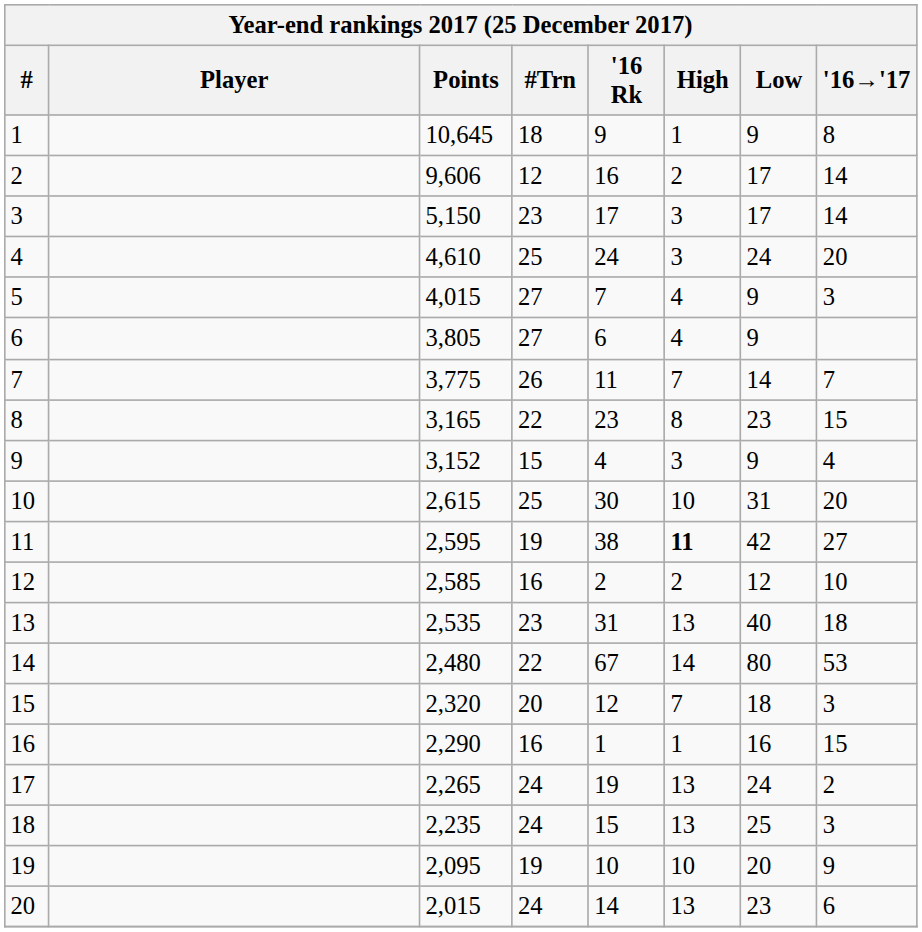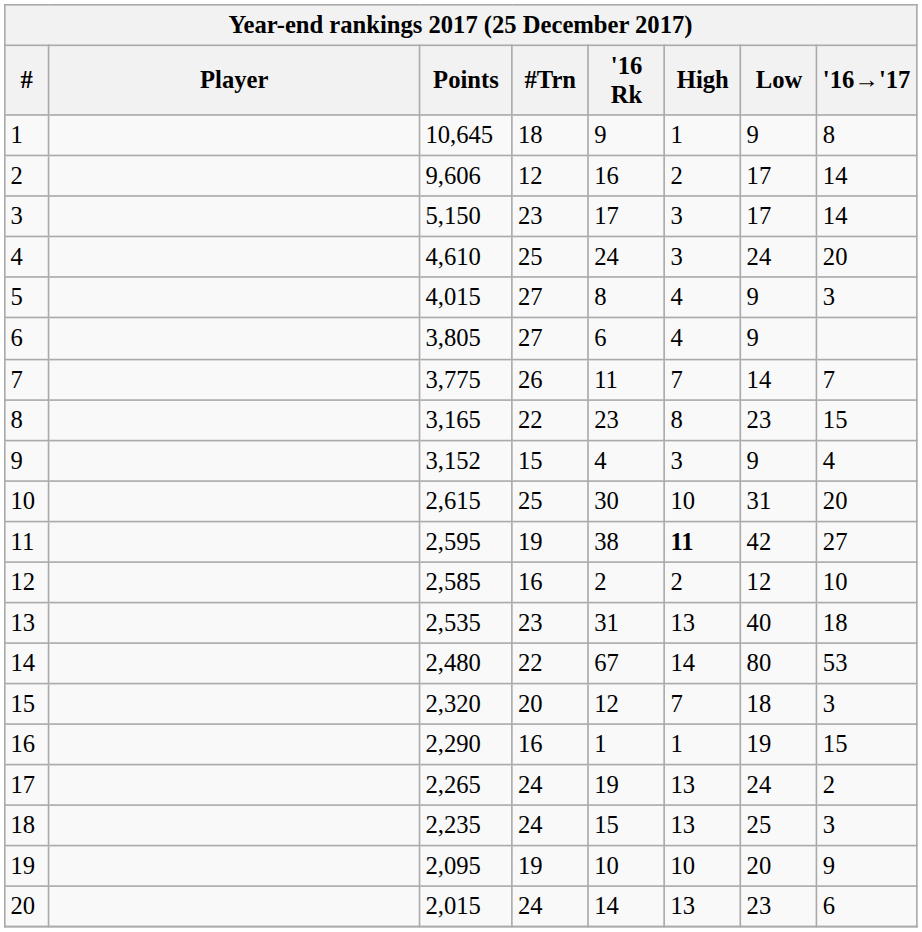 <table class="wikitable" style="font-size:95%">
 <tr>
 <th colspan=8>Year-end rankings 2017 (25 December 2017)</th>
 </tr>
 <tr>
 <th width=20>#</th>
 <th width=222>Player</th>
 <th width=50>Points</th>
 <th width=40>#Trn</th>
 <th width=40>'16 Rk</th>
 <th width=40>High</th>
 <th width=40>Low</th>
 <th width=50>'16→'17</th>
 </tr>
 <tr>
 <td>1</td>
 <td align=left></td>
 <td>10,645</td>
 <td>18</td>
 <td>9</td>
 <td>1</td>
 <td>9</td>
 <td> 8</td>
 </tr>
 <tr>
 <td>2</td>
 <td align=left></td>
 <td>9,606</td>
 <td>12</td>
 <td>16</td>
 <td>2</td>
 <td>17</td>
 <td> 14</td>
 </tr>
 <tr>
 <td>3</td>
 <td align=left></td>
 <td>5,150</td>
 <td>23</td>
 <td>17</td>
 <td>3</td>
 <td>17</td>
 <td> 14</td>
 </tr>
 <tr>
 <td>4</td>
 <td align=left></td>
 <td>4,610</td>
 <td>25</td>
 <td>24</td>
 <td>3</td>
 <td>24</td>
 <td> 20</td>
 </tr>
 <tr>
 <td>5</td>
 <td align=left></td>
 <td>4,015</td>
 <td>27</td>
-<td>7</td>
+<td>8</td>
 <td>4</td>
 <td>9</td>
 <td> 3</td>
 </tr>
 <tr>
 <td>6</td>
 <td align=left></td>
 <td>3,805</td>
 <td>27</td>
 <td>6</td>
 <td>4</td>
 <td>9</td>
 <td></td>
 </tr>
 <tr>
 <td>7</td>
 <td align=left></td>
 <td>3,775</td>
 <td>26</td>
 <td>11</td>
 <td>7</td>
 <td>14</td>
 <td> 7</td>
 </tr>
 <tr>
 <td>8</td>
 <td align=left></td>
 <td>3,165</td>
 <td>22</td>
 <td>23</td>
 <td>8</td>
 <td>23</td>
 <td> 15</td>
 </tr>
 <tr>
 <td>9</td>
 <td align=left></td>
 <td>3,152</td>
 <td>15</td>
 <td>4</td>
 <td>3</td>
 <td>9</td>
 <td> 4</td>
 </tr>
 <tr>
 <td>10</td>
 <td align=left></td>
 <td>2,615</td>
 <td>25</td>
 <td>30</td>
 <td>10</td>
 <td>31</td>
 <td> 20</td>
 </tr>
 <tr>
 <td>11</td>
 <td align=left></td>
 <td>2,595</td>
 <td>19</td>
 <td>38</td>
 <td><strong>11</strong></td>
 <td>42</td>
 <td> 27</td>
 </tr>
 <tr>
 <td>12</td>
 <td align=left></td>
 <td>2,585</td>
 <td>16</td>
 <td>2</td>
 <td>2</td>
 <td>12</td>
 <td> 10</td>
 </tr>
 <tr>
 <td>13</td>
 <td align=left></td>
 <td>2,535</td>
 <td>23</td>
 <td>31</td>
 <td>13</td>
 <td>40</td>
 <td> 18</td>
 </tr>
 <tr>
 <td>14</td>
 <td align=left></td>
 <td>2,480</td>
 <td>22</td>
 <td>67</td>
 <td>14</td>
 <td>80</td>
 <td> 53</td>
 </tr>
 <tr>
 <td>15</td>
 <td align=left></td>
 <td>2,320</td>
 <td>20</td>
 <td>12</td>
 <td>7</td>
 <td>18</td>
 <td> 3</td>
 </tr>
 <tr>
 <td>16</td>
 <td align=left></td>
 <td>2,290</td>
 <td>16</td>
 <td>1</td>
 <td>1</td>
-<td>16</td>
+<td>19</td>
 <td> 15</td>
 </tr>
 <tr>
 <td>17</td>
 <td align=left></td>
 <td>2,265</td>
 <td>24</td>
 <td>19</td>
 <td>13</td>
 <td>24</td>
 <td> 2</td>
 </tr>
 <tr>
 <td>18</td>
 <td align=left></td>
 <td>2,235</td>
 <td>24</td>
 <td>15</td>
 <td>13</td>
 <td>25</td>
 <td> 3</td>
 </tr>
 <tr>
 <td>19</td>
 <td align=left></td>
 <td>2,095</td>
 <td>19</td>
 <td>10</td>
 <td>10</td>
 <td>20</td>
 <td> 9</td>
 </tr>
 <tr>
 <td>20</td>
 <td align=left></td>
 <td>2,015</td>
 <td>24</td>
 <td>14</td>
 <td>13</td>
 <td>23</td>
 <td> 6</td>
 </tr>
 <tr>
 </tr>
 </table>
